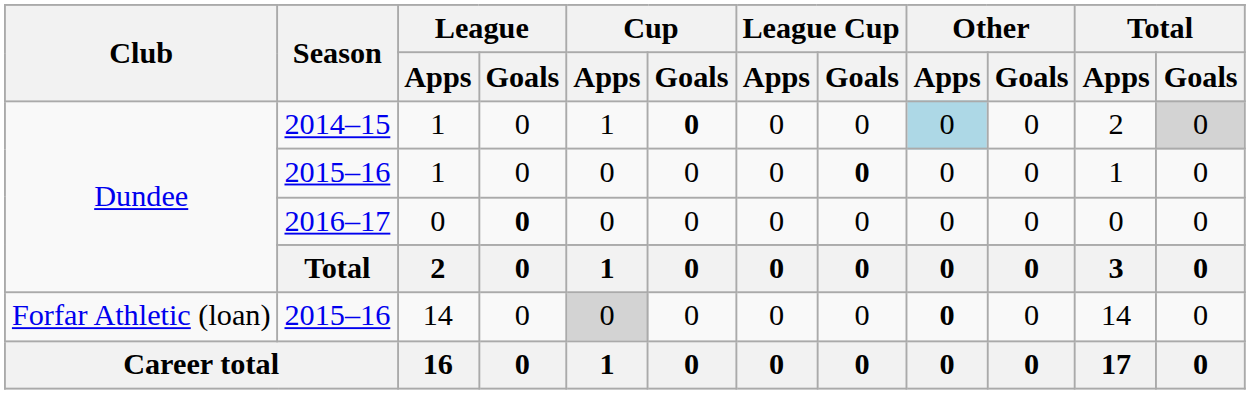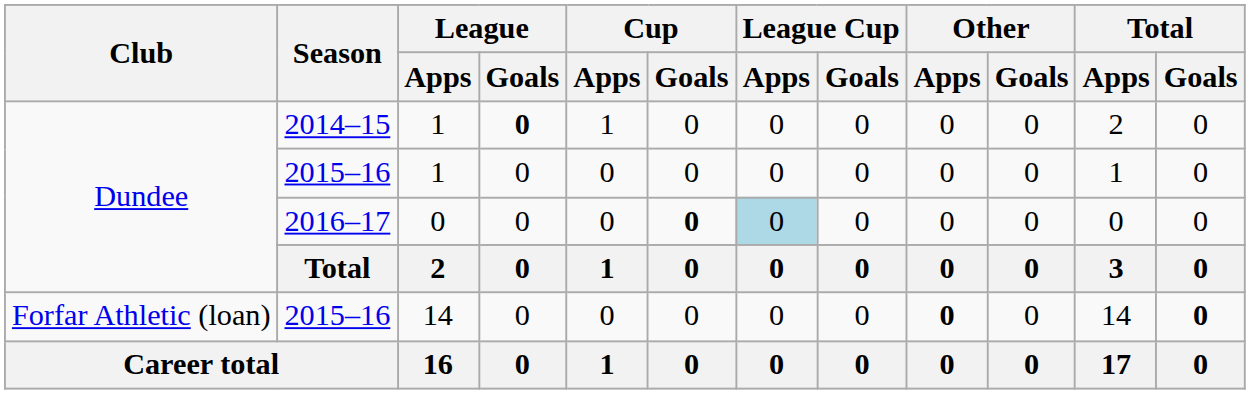 <table class="wikitable" style="text-align: center;">
 <tr>
 <th rowspan="2">Club</th>
 <th rowspan="2">Season</th>
 <th colspan="2">League</th>
 <th colspan="2">Cup</th>
 <th colspan="2">League Cup</th>
 <th colspan="2">Other</th>
 <th colspan="2">Total</th>
 </tr>
 <tr>
 <th>Apps</th>
 <th>Goals</th>
 <th>Apps</th>
 <th>Goals</th>
 <th>Apps</th>
 <th>Goals</th>
 <th>Apps</th>
 <th>Goals</th>
 <th>Apps</th>
 <th>Goals</th>
 </tr>
 <tr>
 <td rowspan="4"><a href='#'>Dundee</a></td>
 <td><a href='#'>2014–15</a></td>
 <td>1</td>
-<td>0</td>
+<td><strong>0</strong></td>
 <td>1</td>
-<td><strong>0</strong></td>
 <td>0</td>
 <td>0</td>
-<td style="background: lightblue;">0</td>
+<td>0</td>
+<td>0</td>
 <td>0</td>
 <td>2</td>
-<td style="background: lightgrey;">0</td>
+<td>0</td>
 </tr>
 <tr>
 <td><a href='#'>2015–16</a></td>
 <td>1</td>
 <td>0</td>
 <td>0</td>
 <td>0</td>
 <td>0</td>
-<td><strong>0</strong></td>
+<td>0</td>
 <td>0</td>
 <td>0</td>
 <td>1</td>
 <td>0</td>
 </tr>
 <tr>
 <td><a href='#'>2016–17</a></td>
 <td>0</td>
-<td><strong>0</strong></td>
 <td>0</td>
 <td>0</td>
-<td>0</td>
+<td><strong>0</strong></td>
+<td style="background: lightblue;">0</td>
 <td>0</td>
 <td>0</td>
 <td>0</td>
 <td>0</td>
 <td>0</td>
 </tr>
 <tr>
 <th>Total</th>
 <th>2</th>
 <th>0</th>
 <th>1</th>
 <th>0</th>
 <th>0</th>
 <th>0</th>
 <th>0</th>
 <th>0</th>
 <th>3</th>
 <th>0</th>
 </tr>
 <tr>
 <td><a href='#'>Forfar Athletic</a> (loan)</td>
 <td><a href='#'>2015–16</a></td>
 <td>14</td>
 <td>0</td>
-<td style="background: lightgrey;">0</td>
+<td>0</td>
 <td>0</td>
 <td>0</td>
 <td>0</td>
 <td><strong>0</strong></td>
 <td>0</td>
 <td>14</td>
-<td>0</td>
+<td><strong>0</strong></td>
 </tr>
 <tr>
 <th colspan="2">Career total</th>
 <th>16</th>
 <th>0</th>
 <th>1</th>
 <th>0</th>
 <th>0</th>
 <th>0</th>
 <th>0</th>
 <th>0</th>
 <th>17</th>
 <th>0</th>
 </tr>
 </table>
